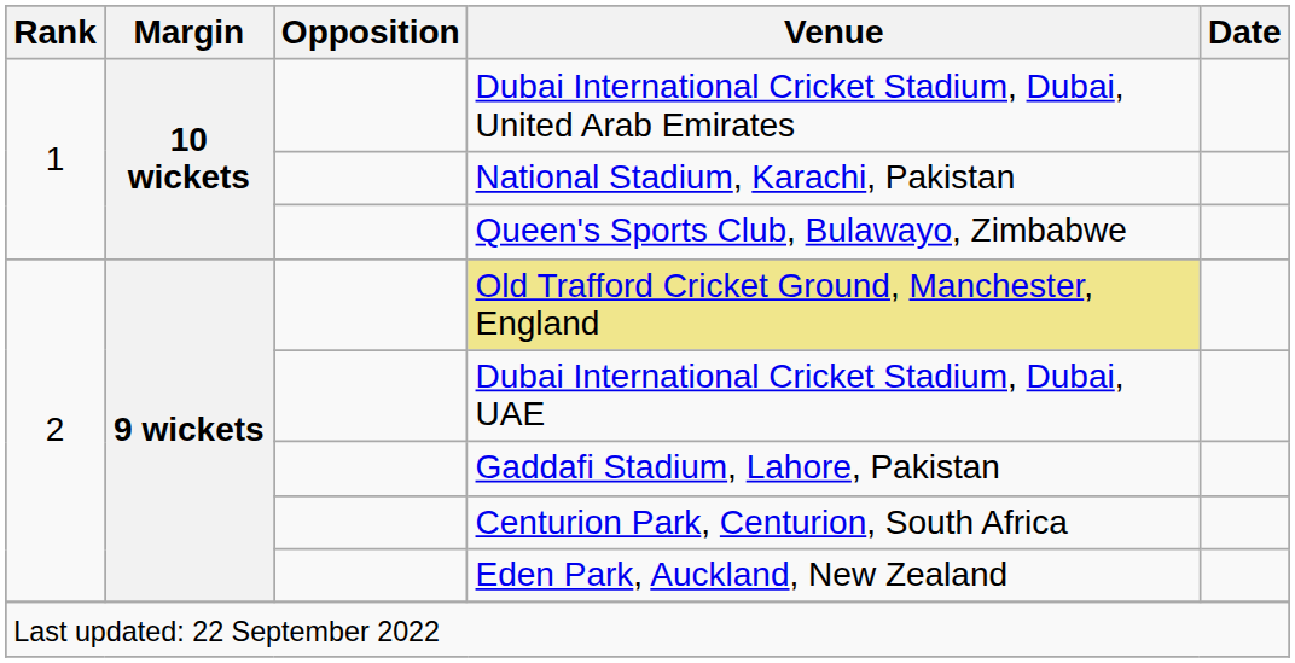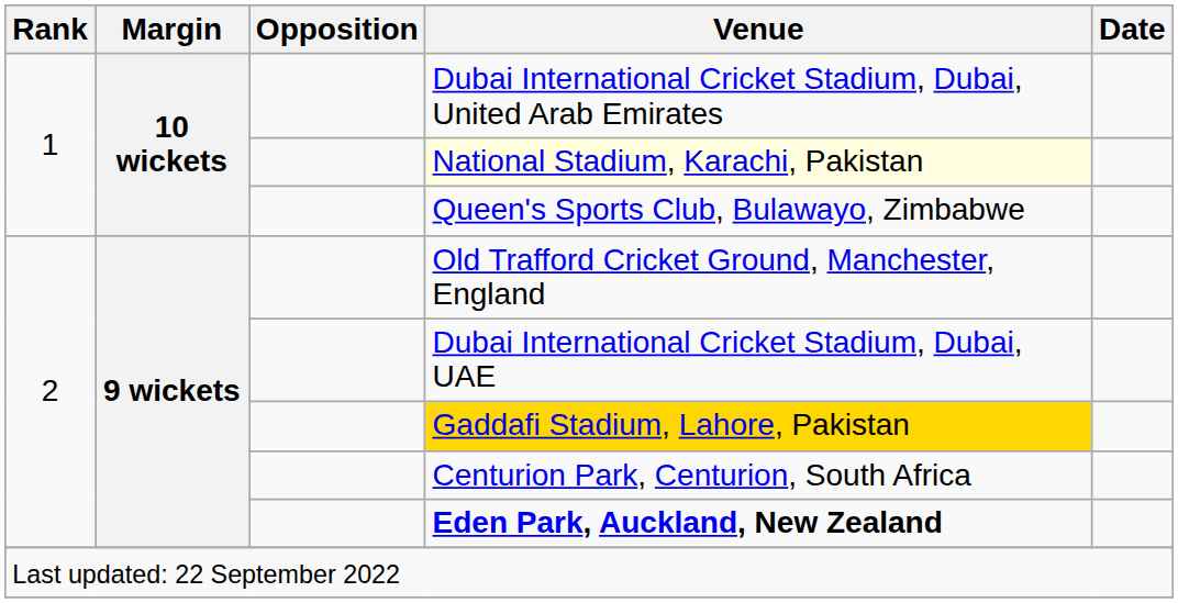 <table class="wikitable plainrowheaders sortable">
 <tr>
 <th scope=col>Rank</th>
 <th scope=col>Margin</th>
 <th scope=col>Opposition</th>
 <th scope=col>Venue</th>
 <th scope=col>Date</th>
 </tr>
 <tr>
 <td align=center rowspan=3>1</td>
 <th scope=row style=text-align:center rowspan=3>10 wickets</th>
 <td></td>
 <td><a href='#'>Dubai International Cricket Stadium</a>, <a href='#'>Dubai</a>, United Arab Emirates</td>
 <td></td>
 </tr>
 <tr>
 <td></td>
-<td><a href='#'>National Stadium</a>, <a href='#'>Karachi</a>, Pakistan</td>
+<td style="background: lightyellow;"><a href='#'>National Stadium</a>, <a href='#'>Karachi</a>, Pakistan</td>
 <td></td>
 </tr>
 <tr>
 <td></td>
 <td><a href='#'>Queen's Sports Club</a>, <a href='#'>Bulawayo</a>, Zimbabwe</td>
 <td></td>
 </tr>
 <tr>
 <td align=center rowspan=5>2</td>
 <th scope=row style=text-align:center rowspan=5>9 wickets</th>
 <td></td>
-<td style="background: khaki;"><a href='#'>Old Trafford Cricket Ground</a>, <a href='#'>Manchester</a>, England</td>
+<td><a href='#'>Old Trafford Cricket Ground</a>, <a href='#'>Manchester</a>, England</td>
 <td></td>
 </tr>
 <tr>
 <td></td>
 <td><a href='#'>Dubai International Cricket Stadium</a>, <a href='#'>Dubai</a>, UAE</td>
 <td></td>
 </tr>
 <tr>
 <td></td>
-<td><a href='#'>Gaddafi Stadium</a>, <a href='#'>Lahore</a>, Pakistan</td>
+<td style="background: gold;"><a href='#'>Gaddafi Stadium</a>, <a href='#'>Lahore</a>, Pakistan</td>
 <td></td>
 </tr>
 <tr>
 <td></td>
 <td><a href='#'>Centurion Park</a>, <a href='#'>Centurion</a>, South Africa</td>
 <td></td>
 </tr>
 <tr>
 <td></td>
-<td><a href='#'>Eden Park</a>, <a href='#'>Auckland</a>, New Zealand</td>
+<td><strong><a href='#'>Eden Park</a>, <a href='#'>Auckland</a>, New Zealand</strong></td>
 <td></td>
 </tr>
 <tr>
 </tr>
 <tr class=sortbottom>
 <td colspan=5><small>Last updated: 22 September 2022</small></td>
 </tr>
 </table>
